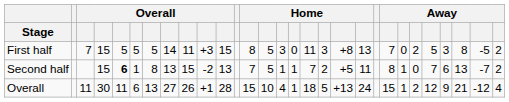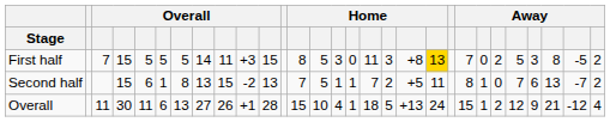 <table class="wikitable" style="text-align: right;">
 <tr>
 <th rawspan=2></th>
 <th rawspan=2></th>
 <th colspan=9>Overall</th>
 <th rawspan=1></th>
 <th colspan=8>Home</th>
 <th rawspan=1></th>
 <th colspan=8>Away</th>
 </tr>
 <tr>
 <th>Stage</th>
 <th></th>
 <th></th>
 <th></th>
 <th></th>
 <th></th>
 <th></th>
 <th></th>
 <th></th>
 <th></th>
 <th></th>
 <th></th>
 <th></th>
 <th></th>
 <th></th>
 <th></th>
 <th></th>
 <th></th>
 <th></th>
 <th></th>
 <th></th>
 <th></th>
 <th></th>
 <th></th>
 <th></th>
 <th></th>
 <th></th>
 <th></th>
 <th></th>
 </tr>
 <tr>
 <td align="left">First half</td>
 <td></td>
 <td>7</td>
 <td>15</td>
 <td>5</td>
 <td>5</td>
 <td>5</td>
 <td>14</td>
 <td>11</td>
 <td>+3</td>
 <td>15</td>
 <td></td>
 <td>8</td>
 <td>5</td>
 <td>3</td>
 <td>0</td>
 <td>11</td>
 <td>3</td>
 <td>+8</td>
-<td>13</td>
+<td style="background: gold;">13</td>
 <td></td>
 <td>7</td>
 <td>0</td>
 <td>2</td>
 <td>5</td>
 <td>3</td>
 <td>8</td>
 <td>-5</td>
 <td>2</td>
 </tr>
 <tr>
 <td align="left">Second half</td>
 <td></td>
 <td></td>
 <td>15</td>
-<td><strong>6</strong></td>
+<td>6</td>
 <td>1</td>
 <td>8</td>
 <td>13</td>
 <td>15</td>
 <td>-2</td>
 <td>13</td>
 <td></td>
 <td>7</td>
 <td>5</td>
 <td>1</td>
 <td>1</td>
 <td>7</td>
 <td>2</td>
 <td>+5</td>
 <td>11</td>
 <td></td>
 <td>8</td>
 <td>1</td>
 <td>0</td>
 <td>7</td>
 <td>6</td>
 <td>13</td>
 <td>-7</td>
 <td>2</td>
 </tr>
 <tr>
 <td align="left">Overall</td>
 <td></td>
 <td>11</td>
 <td>30</td>
 <td>11</td>
 <td>6</td>
 <td>13</td>
 <td>27</td>
 <td>26</td>
 <td>+1</td>
 <td>28</td>
 <td></td>
 <td>15</td>
 <td>10</td>
 <td>4</td>
 <td>1</td>
 <td>18</td>
 <td>5</td>
 <td>+13</td>
 <td>24</td>
 <td></td>
 <td>15</td>
 <td>1</td>
 <td>2</td>
 <td>12</td>
 <td>9</td>
 <td>21</td>
 <td>-12</td>
 <td>4</td>
 </tr>
 </table>
